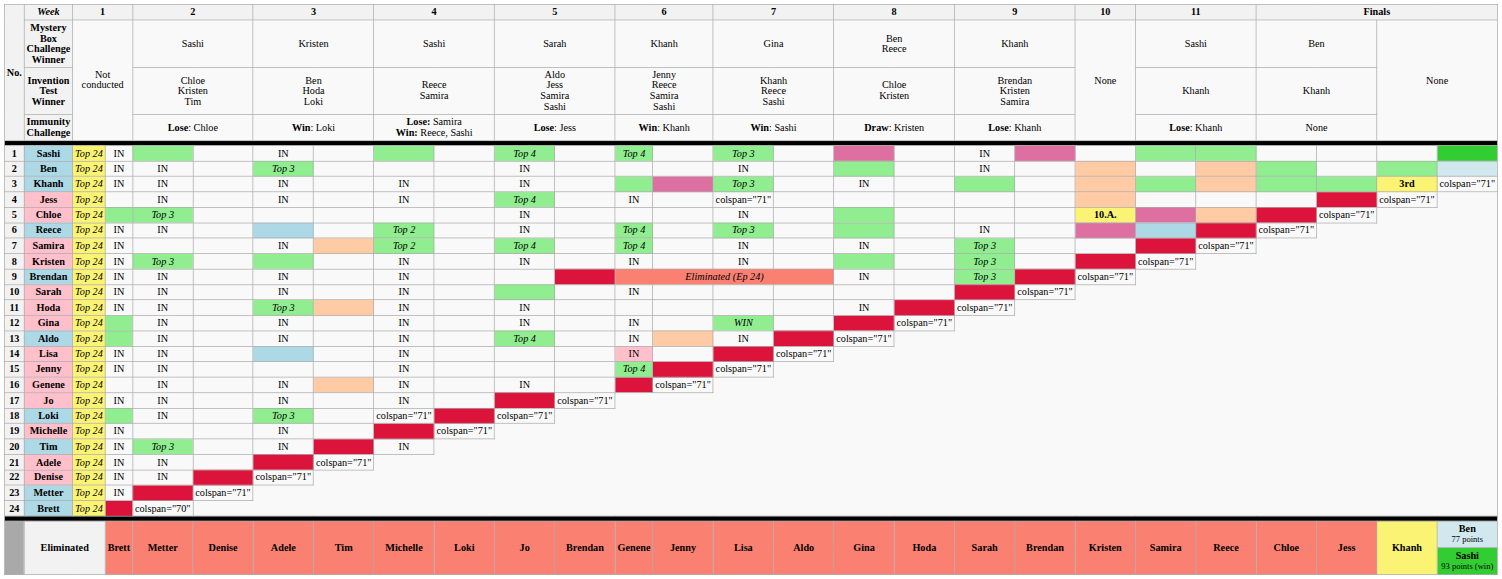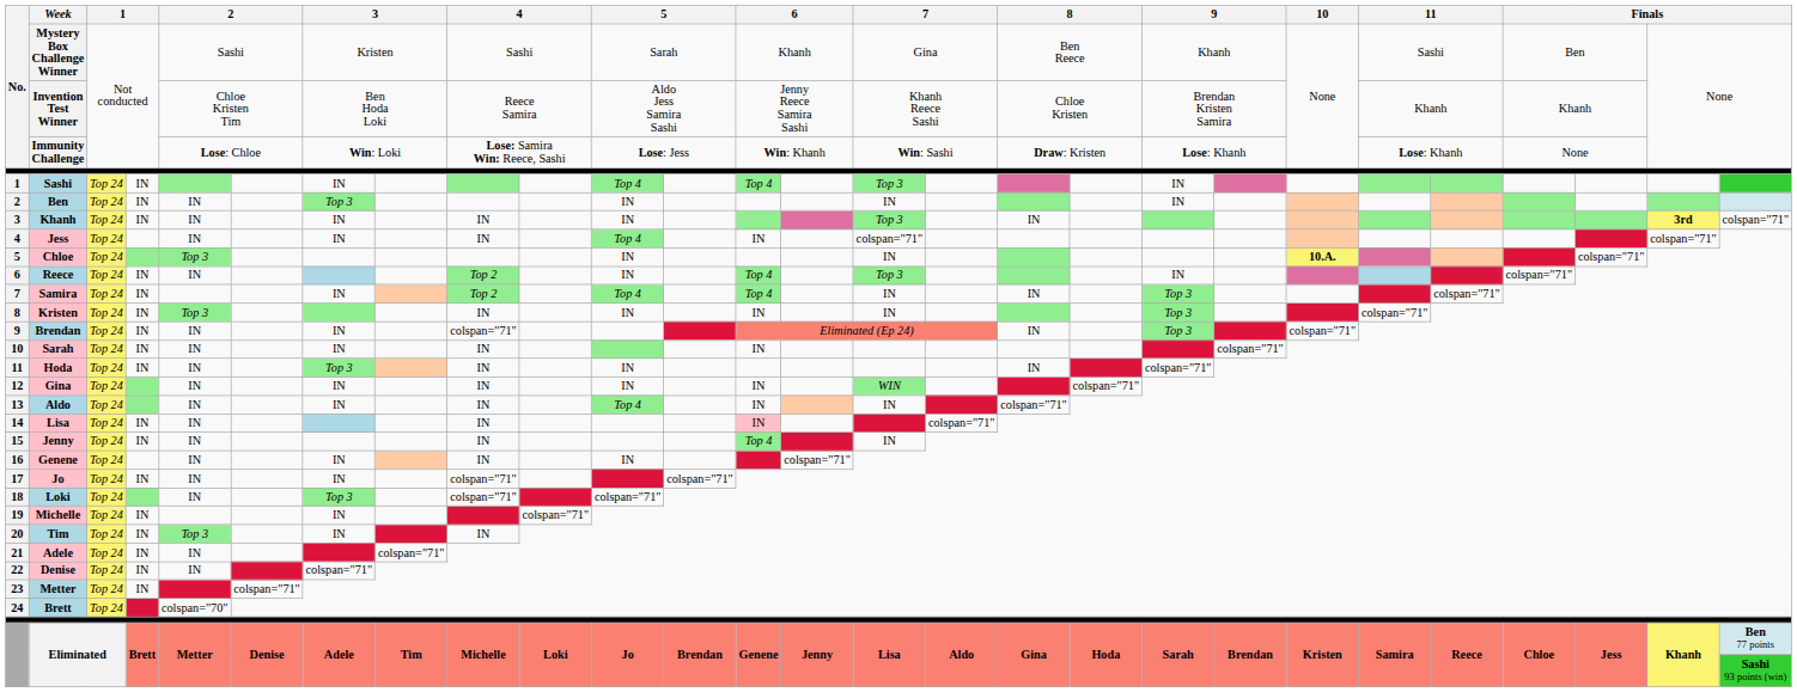 <table class="wikitable" style="text-align:center; width:120px; font-size:90%; line-height:15px">
 <tr>
 <th rowspan="4">No.</th>
 <th><em>Week</em></th>
 <th colspan=2>1</th>
 <th colspan=2>2</th>
 <th colspan=2>3</th>
 <th colspan=2>4</th>
 <th colspan=2>5</th>
 <th colspan=2>6</th>
 <th colspan=2>7</th>
 <th colspan=2>8</th>
 <th colspan=2>9</th>
 <th>10</th>
 <th colspan=2>11</th>
 <th colspan=4>Finals</th>
 </tr>
 <tr>
 <th>Mystery<br>Box<br>Challenge<br>Winner</th>
 <td rowspan=3 colspan=2>Not<br>conducted</td>
 <td colspan=2>Sashi</td>
 <td colspan=2>Kristen</td>
 <td colspan=2>Sashi</td>
 <td colspan=2>Sarah</td>
 <td colspan=2>Khanh</td>
 <td colspan=2>Gina</td>
 <td colspan=2>Ben<br>Reece</td>
 <td colspan=2>Khanh</td>
 <td rowspan="3">None</td>
 <td colspan=2>Sashi</td>
 <td colspan=2>Ben</td>
 <td rowspan=3 colspan=2>None</td>
 </tr>
 <tr>
 <th>Invention<br>Test<br>Winner</th>
 <td colspan=2>Chloe<br>Kristen<br>Tim</td>
 <td colspan=2>Ben<br>Hoda<br>Loki</td>
 <td colspan=2>Reece<br>Samira</td>
 <td colspan=2>Aldo<br>Jess<br>Samira<br>Sashi</td>
 <td colspan=2>Jenny<br>Reece<br>Samira<br>Sashi</td>
 <td colspan=2>Khanh<br>Reece<br>Sashi</td>
 <td colspan=2>Chloe<br>Kristen</td>
 <td colspan=2>Brendan<br>Kristen<br>Samira</td>
 <td colspan=2>Khanh</td>
 <td colspan=2>Khanh</td>
 </tr>
 <tr>
 <th>Immunity<br>Challenge</th>
 <td colspan=2><strong>Lose</strong>: Chloe</td>
 <td colspan=2><strong>Win</strong>: Loki</td>
 <td colspan=2><strong>Lose:</strong> Samira<br><strong>Win:</strong> Reece, Sashi</td>
 <td colspan=2><strong>Lose</strong>: Jess</td>
 <td colspan=2><strong>Win</strong>: Khanh</td>
 <td colspan=2><strong>Win</strong>: Sashi</td>
 <td colspan=2><strong>Draw</strong>: Kristen</td>
 <td colspan=2><strong>Lose</strong>: Khanh</td>
 <td colspan=2><strong>Lose</strong>: Khanh</td>
 <td colspan=2>None</td>
 </tr>
 <tr>
 <td colspan="27" style="background:black;"></td>
 </tr>
 <tr>
 <th>1</th>
 <th style="background:lightblue;">Sashi</th>
 <td style="background:#fbf373;"><em>Top 24</em></td>
 <td>IN</td>
 <td style="background:lightgreen;"></td>
 <td></td>
 <td>IN</td>
 <td></td>
 <td style="background:lightgreen;"></td>
 <td></td>
 <td style="background:lightgreen;"><em>Top 4</em></td>
 <td></td>
 <td style="background:lightgreen;"><em>Top 4</em></td>
 <td></td>
 <td style="background:lightgreen;"><em>Top 3</em></td>
 <td></td>
 <td style="background:#de6fa1;"></td>
 <td></td>
 <td>IN</td>
 <td style="background:#de6fa1;"></td>
 <td></td>
 <td style="background:lightgreen;"></td>
 <td style="background:lightgreen;"></td>
 <td></td>
 <td></td>
 <td></td>
 <td style="background:limegreen;"></td>
 </tr>
 <tr>
 <th>2</th>
 <th style="background:lightblue;">Ben</th>
 <td style="background:#fbf373;"><em>Top 24</em></td>
 <td>IN</td>
 <td>IN</td>
 <td></td>
 <td style="background:lightgreen;"><em>Top 3</em></td>
 <td></td>
 <td></td>
 <td></td>
 <td>IN</td>
 <td></td>
 <td></td>
 <td></td>
 <td>IN</td>
 <td></td>
 <td style="background:lightgreen;"></td>
 <td></td>
 <td>IN</td>
 <td></td>
 <td style="background:#FFCBA4;"></td>
 <td></td>
 <td style="background:#FFCBA4;"></td>
 <td style="background:lightgreen;"></td>
 <td></td>
 <td style="background:lightgreen;"></td>
 <td style="background:#d1e8ef;"></td>
 </tr>
 <tr>
 <th>3</th>
 <th style="background:lightblue;">Khanh</th>
 <td style="background:#fbf373;"><em>Top 24</em></td>
 <td>IN</td>
 <td>IN</td>
 <td></td>
 <td>IN</td>
 <td></td>
 <td>IN</td>
 <td></td>
 <td>IN</td>
 <td></td>
 <td style="background:lightgreen;"></td>
 <td style="background:#de6fa1;"></td>
 <td style="background:lightgreen;"><em>Top 3</em></td>
 <td></td>
 <td>IN</td>
 <td></td>
 <td style="background:lightgreen;"></td>
 <td></td>
 <td style="background:#FFCBA4;"></td>
 <td style="background:lightgreen;"></td>
 <td style="background:#FFCBA4;"></td>
 <td style="background:lightgreen;"></td>
 <td style="background:lightgreen;"></td>
 <td style="background:#fbf373;"><strong>3rd</strong></td>
 <td>colspan="71" </td>
 </tr>
 <tr>
 <th>4</th>
 <th style="background:pink;">Jess</th>
 <td style="background:#fbf373;"><em>Top 24</em></td>
 <td></td>
 <td>IN</td>
 <td></td>
 <td>IN</td>
 <td></td>
 <td>IN</td>
 <td></td>
 <td style="background:lightgreen;"><em>Top 4</em></td>
 <td></td>
 <td>IN</td>
 <td></td>
 <td>colspan="71" </td>
 <td></td>
 <td></td>
 <td></td>
 <td></td>
 <td></td>
 <td style="background:#FFCBA4;"></td>
 <td></td>
 <td></td>
 <td></td>
 <td style="background:crimson;"></td>
 <td>colspan="71" </td>
 </tr>
 <tr>
 <th>5</th>
 <th style="background:pink;">Chloe</th>
 <td nowrap style="background:#fbf373;"><em>Top 24</em></td>
 <td style="background:lightgreen;"></td>
 <td style="background:lightgreen;"><em>Top 3</em></td>
 <td></td>
 <td></td>
 <td></td>
 <td></td>
 <td></td>
 <td>IN</td>
 <td></td>
 <td></td>
 <td></td>
 <td>IN</td>
 <td></td>
 <td style="background:lightgreen;"></td>
 <td></td>
 <td></td>
 <td></td>
 <td style="background:#fbf373;"><strong>10.A.</strong></td>
 <td style="background:#de6fa1;"></td>
 <td style="background:#FFCBA4;"></td>
 <td style="background:crimson;"></td>
 <td>colspan="71" </td>
 </tr>
 <tr>
 <th>6</th>
 <th style="background:lightblue;">Reece</th>
 <td style="background:#fbf373;"><em>Top 24</em></td>
 <td>IN</td>
 <td>IN</td>
 <td></td>
 <td style="background:lightblue;"></td>
 <td></td>
 <td style="background:lightgreen;"><em>Top 2</em></td>
 <td></td>
 <td>IN</td>
 <td></td>
 <td style="background:lightgreen;"><em>Top 4</em></td>
 <td></td>
 <td style="background:lightgreen;"><em>Top 3</em></td>
 <td></td>
 <td style="background:lightgreen;"></td>
 <td></td>
 <td>IN</td>
 <td></td>
 <td style="background:#de6fa1;"></td>
 <td style="background:lightblue;"></td>
 <td style="background:crimson;"></td>
 <td>colspan="71" </td>
 </tr>
 <tr>
 <th>7</th>
 <th style="background:pink;">Samira</th>
 <td style="background:#fbf373;"><em>Top 24</em></td>
 <td>IN</td>
 <td></td>
 <td></td>
 <td>IN</td>
 <td style="background:#FFCBA4;"></td>
 <td style="background:lightgreen;"><em>Top 2</em></td>
 <td></td>
 <td style="background:lightgreen;"><em>Top 4</em></td>
 <td></td>
 <td style="background:lightgreen;"><em>Top 4</em></td>
 <td></td>
 <td>IN</td>
 <td></td>
 <td>IN</td>
 <td></td>
 <td style="background:lightgreen;"><em>Top 3</em></td>
 <td></td>
 <td></td>
 <td style="background:crimson;"></td>
 <td>colspan="71" </td>
 </tr>
 <tr>
 <th>8</th>
 <th style="background:pink;">Kristen</th>
 <td style="background:#fbf373;"><em>Top 24</em></td>
 <td>IN</td>
 <td style="background:lightgreen;"><em>Top 3</em></td>
 <td></td>
 <td style="background:lightgreen;"></td>
 <td></td>
 <td>IN</td>
 <td></td>
 <td>IN</td>
 <td></td>
 <td>IN</td>
 <td></td>
 <td>IN</td>
 <td></td>
 <td style="background:lightgreen;"></td>
 <td></td>
 <td style="background:lightgreen;"><em>Top 3</em></td>
 <td></td>
 <td style="background:crimson;"></td>
 <td>colspan="71" </td>
 </tr>
 <tr>
 <th>9</th>
 <th style="background:lightblue;">Brendan</th>
 <td style="background:#fbf373;"><em>Top 24</em></td>
 <td>IN</td>
 <td>IN</td>
 <td></td>
 <td>IN</td>
 <td></td>
-<td>IN</td>
+<td>colspan="71" </td>
 <td></td>
 <td></td>
 <td style="background:crimson;"></td>
 <td bgcolor="#FA8072" colspan=4><em>Eliminated (Ep 24)</em></td>
 <td>IN</td>
 <td></td>
 <td style="background:lightgreen;"><em>Top 3</em></td>
 <td style="background:crimson;"></td>
 <td>colspan="71" </td>
 </tr>
 <tr>
 <th>10</th>
 <th style="background:pink;">Sarah</th>
 <td style="background:#fbf373;"><em>Top 24</em></td>
 <td>IN</td>
 <td>IN</td>
 <td></td>
 <td>IN</td>
 <td></td>
 <td>IN</td>
 <td></td>
 <td style="background:lightgreen;"></td>
 <td></td>
 <td>IN</td>
 <td></td>
 <td></td>
 <td></td>
 <td></td>
 <td></td>
 <td style="background:crimson;"></td>
 <td>colspan="71" </td>
 </tr>
 <tr>
 <th>11</th>
 <th style="background:pink;">Hoda</th>
 <td style="background:#fbf373;"><em>Top 24</em></td>
 <td>IN</td>
 <td>IN</td>
 <td></td>
 <td style="background:lightgreen;"><em>Top 3</em></td>
 <td style="background:#FFCBA4;"></td>
 <td>IN</td>
 <td></td>
 <td>IN</td>
 <td></td>
 <td></td>
 <td></td>
 <td></td>
 <td></td>
 <td>IN</td>
 <td style="background:crimson;"></td>
 <td>colspan="71" </td>
 </tr>
 <tr>
 <th>12</th>
 <th style="background:pink;">Gina</th>
 <td style="background:#fbf373;"><em>Top 24</em></td>
 <td style="background:lightgreen;"></td>
 <td>IN</td>
 <td></td>
 <td>IN</td>
 <td></td>
 <td>IN</td>
 <td></td>
 <td>IN</td>
 <td></td>
 <td>IN</td>
 <td></td>
 <td style="background:lightgreen;"><em>WIN</em></td>
 <td></td>
 <td style="background:crimson;"></td>
 <td>colspan="71" </td>
 </tr>
 <tr>
 <th>13</th>
 <th style="background:lightblue;">Aldo</th>
 <td style="background:#fbf373;"><em>Top 24</em></td>
 <td style="background:lightgreen;"></td>
 <td>IN</td>
 <td></td>
 <td>IN</td>
 <td></td>
 <td>IN</td>
 <td></td>
 <td style="background:lightgreen;"><em>Top 4</em></td>
 <td></td>
 <td>IN</td>
 <td style="background:#FFCBA4;"></td>
 <td>IN</td>
 <td style="background:crimson;"></td>
 <td>colspan="71" </td>
 </tr>
 <tr>
 <th>14</th>
 <th style="background:pink;">Lisa</th>
 <td style="background:#fbf373;"><em>Top 24</em></td>
 <td>IN</td>
 <td>IN</td>
 <td></td>
 <td style="background:lightblue;"></td>
 <td></td>
 <td>IN</td>
 <td></td>
 <td></td>
 <td></td>
 <td style="background: pink;">IN</td>
 <td></td>
 <td style="background:crimson;"></td>
 <td>colspan="71" </td>
 </tr>
 <tr>
 <th>15</th>
 <th style="background:pink;">Jenny</th>
 <td style="background:#fbf373;"><em>Top 24</em></td>
 <td>IN</td>
 <td>IN</td>
 <td></td>
 <td></td>
 <td></td>
 <td>IN</td>
 <td></td>
 <td></td>
 <td></td>
 <td style="background:lightgreen;"><em>Top 4</em></td>
 <td style="background:crimson;"></td>
-<td>colspan="71" </td>
+<td>IN</td>
 </tr>
 <tr>
 <th>16</th>
 <th style="background:pink;">Genene</th>
 <td style="background:#fbf373;"><em>Top 24</em></td>
 <td></td>
 <td>IN</td>
 <td></td>
 <td>IN</td>
 <td style="background:#FFCBA4;"></td>
 <td>IN</td>
 <td></td>
 <td>IN</td>
 <td></td>
 <td style="background:crimson;"></td>
 <td>colspan="71" </td>
 </tr>
 <tr>
 <th>17</th>
 <th style="background:pink;">Jo</th>
 <td style="background:#fbf373;"><em>Top 24</em></td>
 <td>IN</td>
 <td>IN</td>
 <td></td>
 <td>IN</td>
 <td></td>
-<td>IN</td>
+<td>colspan="71" </td>
 <td></td>
 <td style="background:crimson;"></td>
 <td>colspan="71" </td>
 </tr>
 <tr>
 <th>18</th>
 <th style="background:lightblue;">Loki</th>
 <td style="background:#fbf373;"><em>Top 24</em></td>
 <td style="background:lightgreen;"></td>
 <td>IN</td>
 <td></td>
 <td style="background:lightgreen;"><em>Top 3</em></td>
 <td></td>
 <td>colspan="71" </td>
 <td style="background:crimson;"></td>
 <td>colspan="71" </td>
 </tr>
 <tr>
 <th>19</th>
 <th style="background:pink;">Michelle</th>
 <td style="background:#fbf373;"><em>Top 24</em></td>
 <td>IN</td>
 <td></td>
 <td></td>
 <td>IN</td>
 <td></td>
 <td style="background:crimson;"></td>
 <td>colspan="71" </td>
 </tr>
 <tr>
 <th>20</th>
 <th style="background:lightblue;">Tim</th>
 <td style="background:#fbf373;"><em>Top 24</em></td>
 <td>IN</td>
 <td style="background:lightgreen;"><em>Top 3</em></td>
 <td></td>
 <td>IN</td>
 <td style="background:crimson;"></td>
 <td>IN</td>
 </tr>
 <tr>
 <th>21</th>
 <th style="background:pink;">Adele</th>
 <td style="background:#fbf373;"><em>Top 24</em></td>
 <td>IN</td>
 <td>IN</td>
 <td></td>
 <td style="background:crimson;"></td>
 <td>colspan="71" </td>
 </tr>
 <tr>
 <th>22</th>
 <th style="background:pink;">Denise</th>
 <td style="background:#fbf373;"><em>Top 24</em></td>
 <td>IN</td>
 <td>IN</td>
 <td style="background:crimson;"></td>
 <td>colspan="71" </td>
 </tr>
 <tr>
 <th>23</th>
 <th style="background:lightblue;">Metter</th>
 <td style="background:#fbf373;"><em>Top 24</em></td>
 <td>IN</td>
 <td style="background:crimson;"></td>
 <td>colspan="71" </td>
 </tr>
 <tr>
 <th>24</th>
 <th style="background:lightblue;">Brett</th>
 <td style="background:#fbf373;"><em>Top 24</em></td>
 <td style="background:crimson;"></td>
 <td>colspan="70" </td>
 </tr>
 <tr>
 <td colspan="27" style="background:black;"></td>
 </tr>
 <tr>
 <td rowspan="2" style="background:darkgray;"></td>
 <th rowspan="2" colspan="2">Eliminated</th>
 <td rowspan="2" style="background:salmon;"><strong>Brett</strong></td>
 <td rowspan="2" style="background:salmon;"><strong>Metter</strong></td>
 <td rowspan="2" style="background:salmon;"><strong>Denise</strong></td>
 <td rowspan="2" style="background:salmon;"><strong>Adele</strong></td>
 <td rowspan="2" style="background:salmon;"><strong>Tim</strong></td>
 <td rowspan="2" style="background:salmon;"><strong>Michelle</strong></td>
 <td rowspan="2" style="background:salmon;"><strong>Loki</strong></td>
 <td rowspan="2" style="background:salmon;"><strong>Jo</strong></td>
 <td rowspan="2" style="background:salmon;"><strong>Brendan</strong><br></td>
 <td rowspan="2" style="background:salmon;"><strong>Genene</strong></td>
 <td rowspan="2" style="background:salmon;"><strong>Jenny</strong></td>
 <td rowspan="2" style="background:salmon;"><strong>Lisa</strong></td>
 <td rowspan="2" style="background:salmon;"><strong>Aldo</strong></td>
 <td rowspan="2" style="background:salmon;"><strong>Gina</strong></td>
 <td rowspan="2" style="background:salmon;"><strong>Hoda</strong></td>
 <td rowspan="2" style="background:salmon;"><strong>Sarah</strong></td>
 <td rowspan="2" style="background:salmon;"><strong>Brendan</strong><br></td>
 <td rowspan="2" style="background:salmon;"><strong>Kristen</strong></td>
 <td rowspan="2" style="background:salmon;"><strong>Samira</strong></td>
 <td rowspan="2" style="background:salmon;"><strong>Reece</strong></td>
 <td rowspan="2" style="background:salmon;"><strong>Chloe</strong></td>
 <td rowspan="2" style="background:salmon;"><strong>Jess</strong></td>
 <td rowspan="2" style="background:#fbf373;"><strong>Khanh</strong></td>
 <td style="background:#d1e8ef;"><strong>Ben</strong><br><small> 77 points</small></td>
 </tr>
 <tr>
 <td style="background:limegreen;"><strong>Sashi</strong><br><small> 93 points (win)</small></td>
 </tr>
 </table>
